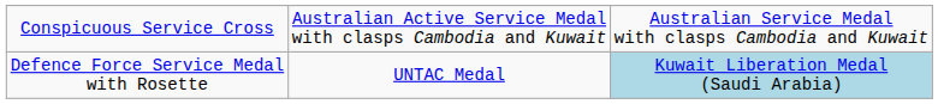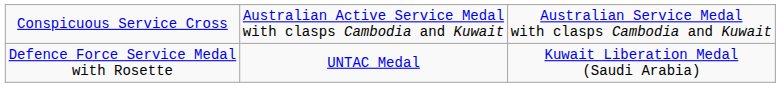 <table class="wikitable" style="margin:1em auto; text-align:center;">
 <tr>
 <td><a href='#'>Conspicuous Service Cross</a></td>
 <td><a href='#'>Australian Active Service Medal</a><br>with clasps <em>Cambodia</em> and <em>Kuwait</em></td>
 <td><a href='#'>Australian Service Medal</a><br>with clasps <em>Cambodia</em> and <em>Kuwait</em></td>
 </tr>
 <tr>
 <td><a href='#'>Defence Force Service Medal</a><br>with Rosette</td>
 <td><a href='#'>UNTAC Medal</a></td>
-<td style="background: lightblue;"><a href='#'>Kuwait Liberation Medal</a><br>(Saudi Arabia)</td>
+<td><a href='#'>Kuwait Liberation Medal</a><br>(Saudi Arabia)</td>
 </tr>
 </table>
